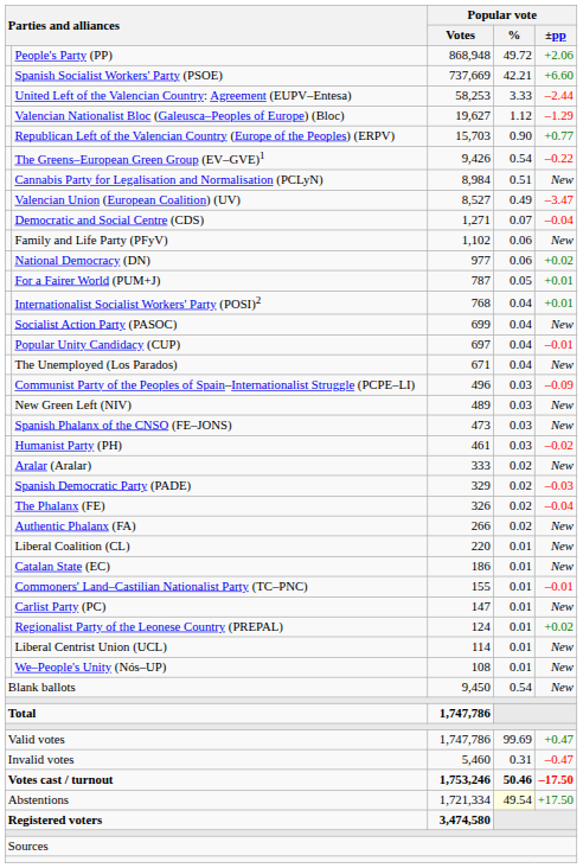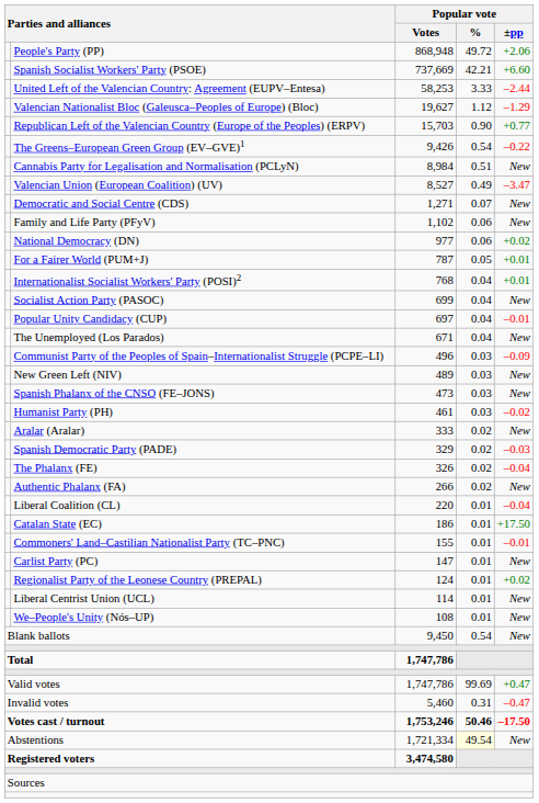 <table class="wikitable" style="text-align:right">
 <tr>
 <th style="text-align:left;" rowspan="2" colspan="2" width="525">Parties and alliances</th>
 <th colspan="3">Popular vote</th>
 </tr>
 <tr>
 <th width="75">Votes</th>
 <th width="45">%</th>
 <th width="45">±<a href='#'>pp</a></th>
 </tr>
 <tr>
 <td width="1" style="color:inherit;background:"></td>
 <td align="left"><a href='#'>People's Party</a> (PP)</td>
 <td>868,948</td>
 <td>49.72</td>
 <td style="color:green;">+2.06</td>
 </tr>
 <tr>
 <td style="color:inherit;background:"></td>
 <td align="left"><a href='#'>Spanish Socialist Workers' Party</a> (PSOE)</td>
 <td>737,669</td>
 <td>42.21</td>
 <td style="color:green;">+6.60</td>
 </tr>
 <tr>
 <td style="color:inherit;background:"></td>
 <td align="left"><a href='#'>United Left of the Valencian Country</a>: <a href='#'>Agreement</a> (EUPV–Entesa)</td>
 <td>58,253</td>
 <td>3.33</td>
 <td style="color:red;">–2.44</td>
 </tr>
 <tr>
 <td style="color:inherit;background:"></td>
 <td align="left"><a href='#'>Valencian Nationalist Bloc</a> (<a href='#'>Galeusca–Peoples of Europe</a>) (Bloc)</td>
 <td>19,627</td>
 <td>1.12</td>
 <td style="color:red;">–1.29</td>
 </tr>
 <tr>
 <td style="color:inherit;background:"></td>
 <td align="left"><a href='#'>Republican Left of the Valencian Country</a> (<a href='#'>Europe of the Peoples</a>) (ERPV)</td>
 <td>15,703</td>
 <td>0.90</td>
 <td style="color:green;">+0.77</td>
 </tr>
 <tr>
 <td style="color:inherit;background:"></td>
 <td align="left"><a href='#'>The Greens–European Green Group</a> (EV–GVE)<sup>1</sup></td>
 <td>9,426</td>
 <td>0.54</td>
 <td style="color:red;">–0.22</td>
 </tr>
 <tr>
 <td style="color:inherit;background:"></td>
 <td align="left"><a href='#'>Cannabis Party for Legalisation and Normalisation</a> (PCLyN)</td>
 <td>8,984</td>
 <td>0.51</td>
 <td><em>New</em></td>
 </tr>
 <tr>
 <td style="color:inherit;background:"></td>
 <td align="left"><a href='#'>Valencian Union</a> (<a href='#'>European Coalition</a>) (UV)</td>
 <td>8,527</td>
 <td>0.49</td>
 <td style="color:red;">–3.47</td>
 </tr>
 <tr>
 <td style="color:inherit;background:"></td>
 <td align="left"><a href='#'>Democratic and Social Centre</a> (CDS)</td>
 <td>1,271</td>
 <td>0.07</td>
-<td style="color:red;">–0.04</td>
+<td><em>New</em></td>
 </tr>
 <tr>
 <td style="color:inherit;background:"></td>
 <td align="left">Family and Life Party (PFyV)</td>
 <td>1,102</td>
 <td>0.06</td>
 <td><em>New</em></td>
 </tr>
 <tr>
 <td style="color:inherit;background:"></td>
 <td align="left"><a href='#'>National Democracy</a> (DN)</td>
 <td>977</td>
 <td>0.06</td>
 <td style="color:green;">+0.02</td>
 </tr>
 <tr>
 <td style="color:inherit;background:"></td>
 <td align="left"><a href='#'>For a Fairer World</a> (PUM+J)</td>
 <td>787</td>
 <td>0.05</td>
 <td style="color:green;">+0.01</td>
 </tr>
 <tr>
 <td style="color:inherit;background:"></td>
 <td align="left"><a href='#'>Internationalist Socialist Workers' Party</a> (POSI)<sup>2</sup></td>
 <td>768</td>
 <td>0.04</td>
 <td style="color:green;">+0.01</td>
 </tr>
 <tr>
 <td style="color:inherit;background:"></td>
 <td align="left"><a href='#'>Socialist Action Party</a> (PASOC)</td>
 <td>699</td>
 <td>0.04</td>
 <td><em>New</em></td>
 </tr>
 <tr>
 <td style="color:inherit;background:"></td>
 <td align="left"><a href='#'>Popular Unity Candidacy</a> (CUP)</td>
 <td>697</td>
 <td>0.04</td>
 <td style="color:red;">–0.01</td>
 </tr>
 <tr>
 <td bgcolor="white"></td>
 <td align="left">The Unemployed (Los Parados)</td>
 <td>671</td>
 <td>0.04</td>
 <td><em>New</em></td>
 </tr>
 <tr>
 <td style="color:inherit;background:"></td>
 <td align="left"><a href='#'>Communist Party of the Peoples of Spain</a>–<a href='#'>Internationalist Struggle</a> (PCPE–LI)</td>
 <td>496</td>
 <td>0.03</td>
 <td style="color:red;">–0.09</td>
 </tr>
 <tr>
 <td style="color:inherit;background:"></td>
 <td align="left">New Green Left (NIV)</td>
 <td>489</td>
 <td>0.03</td>
 <td><em>New</em></td>
 </tr>
 <tr>
 <td style="color:inherit;background:"></td>
 <td align="left"><a href='#'>Spanish Phalanx of the CNSO</a> (FE–JONS)</td>
 <td>473</td>
 <td>0.03</td>
 <td><em>New</em></td>
 </tr>
 <tr>
 <td style="color:inherit;background:"></td>
 <td align="left"><a href='#'>Humanist Party</a> (PH)</td>
 <td>461</td>
 <td>0.03</td>
 <td style="color:red;">–0.02</td>
 </tr>
 <tr>
 <td style="color:inherit;background:"></td>
 <td align="left"><a href='#'>Aralar</a> (Aralar)</td>
 <td>333</td>
 <td>0.02</td>
 <td><em>New</em></td>
 </tr>
 <tr>
 <td style="color:inherit;background:"></td>
 <td align="left"><a href='#'>Spanish Democratic Party</a> (PADE)</td>
 <td>329</td>
 <td>0.02</td>
 <td style="color:red;">–0.03</td>
 </tr>
 <tr>
 <td style="color:inherit;background:"></td>
 <td align="left"><a href='#'>The Phalanx</a> (FE)</td>
 <td>326</td>
 <td>0.02</td>
 <td style="color:red;">–0.04</td>
 </tr>
 <tr>
 <td style="color:inherit;background:"></td>
 <td align="left"><a href='#'>Authentic Phalanx</a> (FA)</td>
 <td>266</td>
 <td>0.02</td>
 <td><em>New</em></td>
 </tr>
 <tr>
 <td bgcolor="white"></td>
 <td align="left">Liberal Coalition (CL)</td>
 <td>220</td>
 <td>0.01</td>
-<td><em>New</em></td>
+<td style="color:red;">–0.04</td>
 </tr>
 <tr>
 <td style="color:inherit;background:"></td>
 <td align="left"><a href='#'>Catalan State</a> (EC)</td>
 <td>186</td>
 <td>0.01</td>
-<td><em>New</em></td>
+<td style="color:green;">+17.50</td>
 </tr>
 <tr>
 <td style="color:inherit;background:"></td>
 <td align="left"><a href='#'>Commoners' Land–Castilian Nationalist Party</a> (TC–PNC)</td>
 <td>155</td>
 <td>0.01</td>
 <td style="color:red;">–0.01</td>
 </tr>
 <tr>
 <td style="color:inherit;background:"></td>
 <td align="left"><a href='#'>Carlist Party</a> (PC)</td>
 <td>147</td>
 <td>0.01</td>
 <td><em>New</em></td>
 </tr>
 <tr>
 <td style="color:inherit;background:"></td>
 <td align="left"><a href='#'>Regionalist Party of the Leonese Country</a> (PREPAL)</td>
 <td>124</td>
 <td>0.01</td>
 <td style="color:green;">+0.02</td>
 </tr>
 <tr>
 <td style="color:inherit;background:"></td>
 <td align="left">Liberal Centrist Union (UCL)</td>
 <td>114</td>
 <td>0.01</td>
 <td><em>New</em></td>
 </tr>
 <tr>
 <td style="color:inherit;background:"></td>
 <td align="left"><a href='#'>We–People's Unity</a> (Nós–UP)</td>
 <td>108</td>
 <td>0.01</td>
 <td><em>New</em></td>
 </tr>
 <tr>
 <td align="left" colspan="2">Blank ballots</td>
 <td>9,450</td>
 <td>0.54</td>
 <td><em>New</em></td>
 </tr>
 <tr>
 <td colspan="5" bgcolor="#E9E9E9"></td>
 </tr>
 <tr style="font-weight:bold;">
 <td align="left" colspan="2">Total</td>
 <td>1,747,786</td>
 <td bgcolor="#E9E9E9" colspan="2"></td>
 </tr>
 <tr>
 <td colspan="5" bgcolor="#E9E9E9"></td>
 </tr>
 <tr>
 <td align="left" colspan="2">Valid votes</td>
 <td>1,747,786</td>
 <td>99.69</td>
 <td style="color:green;">+0.47</td>
 </tr>
 <tr>
 <td align="left" colspan="2">Invalid votes</td>
 <td>5,460</td>
 <td>0.31</td>
 <td style="color:red;">–0.47</td>
 </tr>
 <tr style="font-weight:bold;">
 <td align="left" colspan="2">Votes cast / turnout</td>
 <td>1,753,246</td>
 <td>50.46</td>
 <td style="color:red;">–17.50</td>
 </tr>
 <tr>
 <td align="left" colspan="2">Abstentions</td>
 <td>1,721,334</td>
 <td style="background: lightyellow;">49.54</td>
-<td style="color:green;">+17.50</td>
+<td><em>New</em></td>
 </tr>
 <tr style="font-weight:bold;">
 <td align="left" colspan="2">Registered voters</td>
 <td>3,474,580</td>
 <td bgcolor="#E9E9E9" colspan="2"></td>
 </tr>
 <tr>
 <td colspan="5" bgcolor="#E9E9E9"></td>
 </tr>
 <tr>
 <td align="left" colspan="5">Sources</td>
 </tr>
 <tr>
 <td colspan="5" style="text-align:left; max-width:680px;"></td>
 </tr>
 </table>
